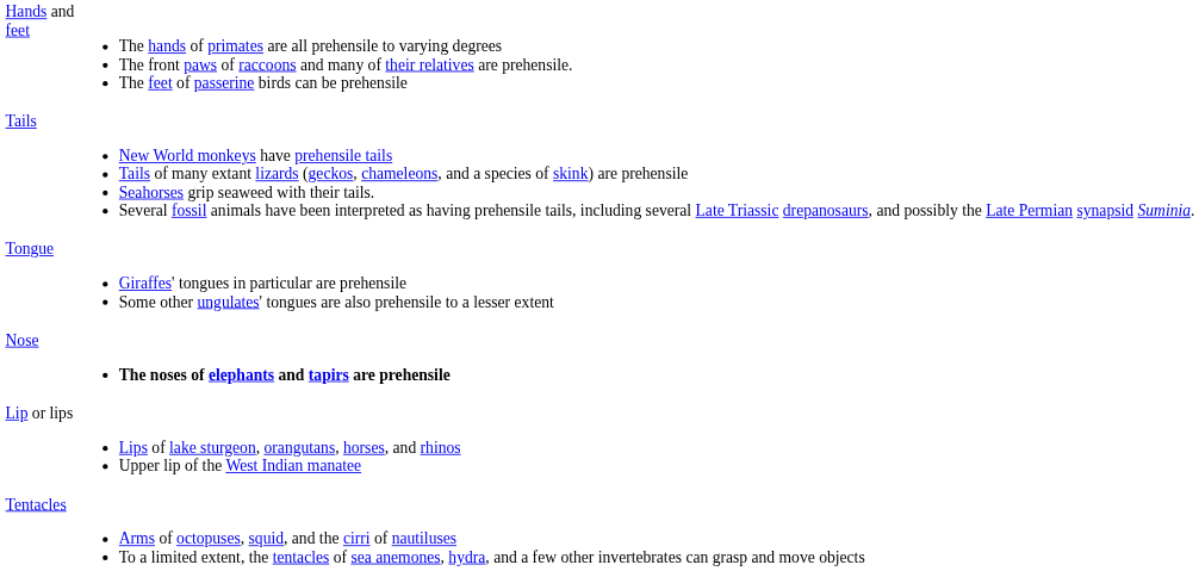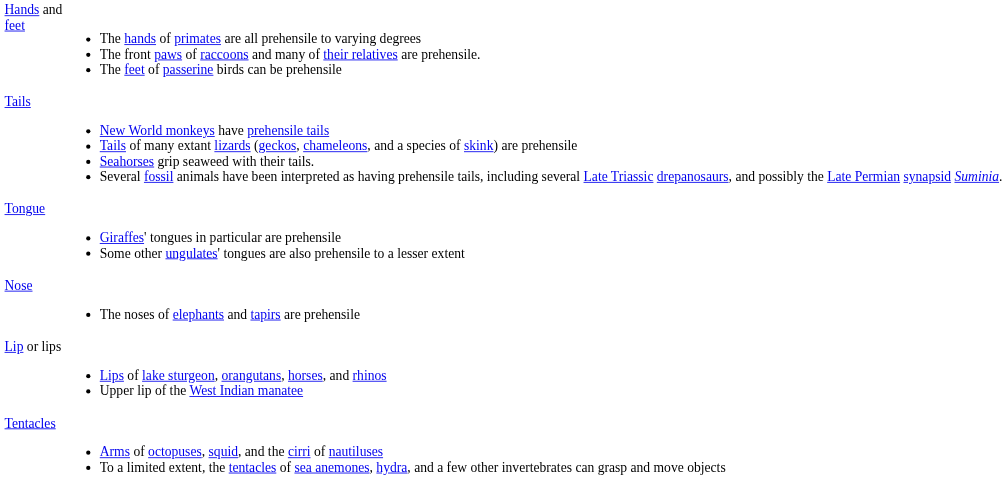 <table>
 <tr style="vertical-align: top;">
 <td><a href='#'>Hands</a> and<br><a href='#'>feet</a></td>
 <td colspan=2><br><ul><li>The <a href='#'>hands</a> of <a href='#'>primates</a> are all prehensile to varying degrees</li><li>The front <a href='#'>paws</a> of <a href='#'>raccoons</a> and many of <a href='#'>their relatives</a> are prehensile.</li><li>The <a href='#'>feet</a> of <a href='#'>passerine</a> birds can be prehensile</li></ul></td>
 </tr>
 <tr style="vertical-align: top;">
 <td><a href='#'>Tails</a></td>
 <td colspan=2><br><ul><li><a href='#'>New World monkeys</a> have <a href='#'>prehensile tails</a></li><li><a href='#'>Tails</a> of many extant <a href='#'>lizards</a> (<a href='#'>geckos</a>, <a href='#'>chameleons</a>, and a species of <a href='#'>skink</a>) are prehensile</li><li><a href='#'>Seahorses</a> grip seaweed with their tails.</li><li>Several <a href='#'>fossil</a> animals have been interpreted as having prehensile tails, including several <a href='#'>Late Triassic</a> <a href='#'>drepanosaurs</a>, and possibly the <a href='#'>Late Permian</a> <a href='#'>synapsid</a> <em><a href='#'>Suminia</a></em>.</li></ul></td>
 </tr>
 <tr style="vertical-align: top;">
 <td><a href='#'>Tongue</a></td>
 <td><br><ul><li><a href='#'>Giraffes</a>' tongues in particular are prehensile</li><li>Some other <a href='#'>ungulates</a>' tongues are also prehensile to a lesser extent</li></ul></td>
 <td rowspan=3></td>
 </tr>
 <tr style="vertical-align: top;">
 <td><a href='#'>Nose</a></td>
-<td><strong><br><ul><li>The noses of <a href='#'>elephants</a> and <a href='#'>tapirs</a> are prehensile</li></ul></strong></td>
+<td><br><ul><li>The noses of <a href='#'>elephants</a> and <a href='#'>tapirs</a> are prehensile</li></ul></td>
 </tr>
 <tr style="vertical-align: top;">
 <td><a href='#'>Lip</a> or lips</td>
 <td><br><ul><li><a href='#'>Lips</a> of <a href='#'>lake sturgeon</a>, <a href='#'>orangutans</a>, <a href='#'>horses</a>, and <a href='#'>rhinos</a></li><li>Upper lip of the <a href='#'>West Indian manatee</a></li></ul></td>
 </tr>
 <tr style="vertical-align: top;">
 <td><a href='#'>Tentacles</a></td>
 <td colspan=2><br><ul><li><a href='#'>Arms</a> of <a href='#'>octopuses</a>, <a href='#'>squid</a>, and the <a href='#'>cirri</a> of <a href='#'>nautiluses</a></li><li>To a limited extent, the <a href='#'>tentacles</a> of <a href='#'>sea anemones</a>, <a href='#'>hydra</a>, and a few other invertebrates can grasp and move objects</li></ul></td>
 </tr>
 </table>
